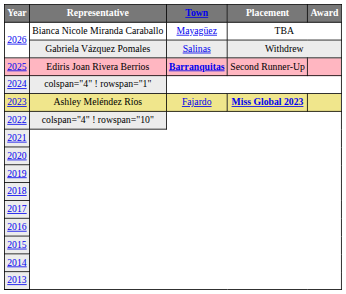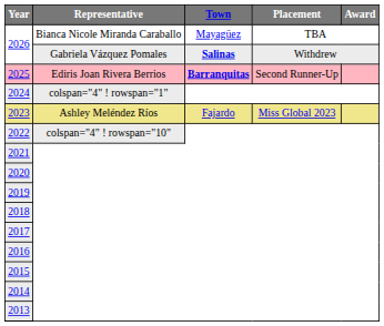 <table class="sortable wiki table" border="3" cellpadding="3" cellspacing="0" style="margin: 0 1em 0 0; background: white; border: 1px #000000 solid; border-collapse: collapse; font-size: 75%; text-align:center">
 <tr>
 <th style="background-color:#787878;color:#FFFFFF;">Year</th>
 <th style="background-color:#787878;color:#FFFFFF;">Representative</th>
 <th style="background-color:#787878;color:#FFFFFF;"><a href='#'>Town</a></th>
 <th style="background-color:#787878;color:#FFFFFF;">Placement</th>
 <th style="background-color:#787878;color:#FFFFFF;">Award</th>
 </tr>
 <tr>
 <td rowspan=2><a href='#'>2026</a></td>
 <td>Bianca Nicole Miranda Caraballo</td>
 <td><a href='#'>Mayagüez</a></td>
 <td colspan=2>TBA</td>
 </tr>
 <tr>
 <td style="background-color:#ececec;">Gabriela Vázquez Pomales</td>
-<td style="background-color:#ececec;"><a href='#'>Salinas</a></td>
+<td style="background-color:#ececec;"><strong><a href='#'>Salinas</a></strong></td>
 <td style="background-color:#ececec;" colspan=2>Withdrew</td>
 </tr>
 <tr>
 <td style="background-color:#FFB6C1;"><a href='#'>2025</a></td>
 <td style="background-color:#FFB6C1;">Ediris Joan Rivera Berrios</td>
 <td style="background-color:#FFB6C1;"><strong><a href='#'>Barranquitas</a></strong></td>
 <td style="background-color:#FFB6C1;">Second Runner-Up</td>
 <td style="background-color:#FFB6C1;"></td>
 </tr>
 <tr style="background-color:#ececec;"|>
 <td><a href='#'> 2024</a></td>
 <td>colspan="4" ! rowspan="1" </td>
 </tr>
 <tr>
 <td style="background-color:#F0E68C;"><a href='#'>2023</a></td>
 <td style="background-color:#F0E68C;">Ashley Meléndez Ríos</td>
 <td style="background-color:#F0E68C;"><a href='#'>Fajardo</a></td>
-<td style="background-color:#F0E68C;"><strong><a href='#'> Miss Global 2023</a></strong></td>
+<td style="background-color:#F0E68C;"><a href='#'> Miss Global 2023</a></td>
 <td style="background-color:#F0E68C;"></td>
 </tr>
 <tr style="background-color:#ececec;"|>
 <td><a href='#'> 2022</a></td>
 <td>colspan="4" ! rowspan="10" </td>
 </tr>
 <tr style="background-color:#ececec;"|>
 <td><a href='#'> 2021</a></td>
 </tr>
 <tr style="background-color:#ececec;">
 <td><a href='#'> 2020</a></td>
 </tr>
 <tr style="background-color:#ececec;">
 <td><a href='#'> 2019</a></td>
 </tr>
 <tr style="background-color:#ececec;">
 <td><a href='#'> 2018</a></td>
 </tr>
 <tr style="background-color:#ececec;">
 <td><a href='#'> 2017</a></td>
 </tr>
 <tr style="background-color:#ececec;">
 <td><a href='#'> 2016</a></td>
 </tr>
 <tr style="background-color:#ececec;">
 <td><a href='#'> 2015</a></td>
 </tr>
 <tr style="background-color:#ececec;">
 <td><a href='#'> 2014</a></td>
 </tr>
 <tr style="background-color:#ececec;">
 <td><a href='#'> 2013</a></td>
 </tr>
 <tr>
 </tr>
 </table>
